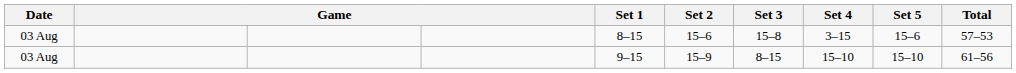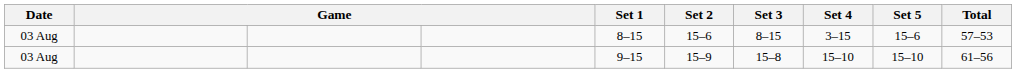 <table width=1200 class="wikitable">
 <tr>
 <th width=6%>Date</th>
 <th width=45% colspan=3>Game</th>
 <th width=6%>Set 1</th>
 <th width=6%>Set 2</th>
 <th width=6%>Set 3</th>
 <th width=6%>Set 4</th>
 <th width=6%>Set 5</th>
 <th width=6%>Total</th>
 </tr>
 <tr style=font-size:95%>
 <td align=center>03 Aug</td>
 <td align=center><strong></strong></td>
 <td></td>
 <td></td>
 <td align=center>8–15</td>
 <td align=center>15–6</td>
-<td align=center>15–8</td>
+<td align=center>8–15</td>
 <td align=center>3–15</td>
 <td align=center>15–6</td>
 <td align=center>57–53</td>
 </tr>
 <tr style=font-size:95%>
 <td align=center>03 Aug</td>
 <td align=center><strong></strong></td>
 <td></td>
 <td></td>
 <td align=center>9–15</td>
 <td align=center>15–9</td>
-<td align=center>8–15</td>
+<td align=center>15–8</td>
 <td align=center>15–10</td>
 <td align=center>15–10</td>
 <td align=center>61–56</td>
 </tr>
 </table>
